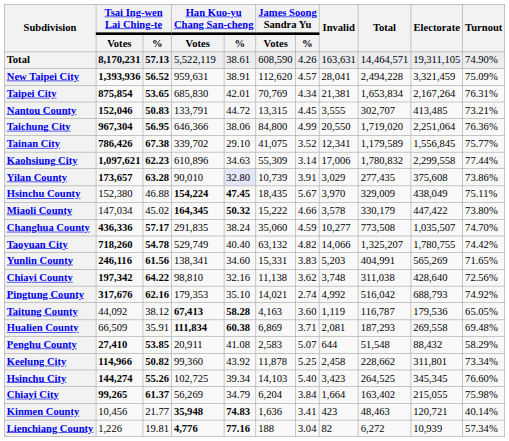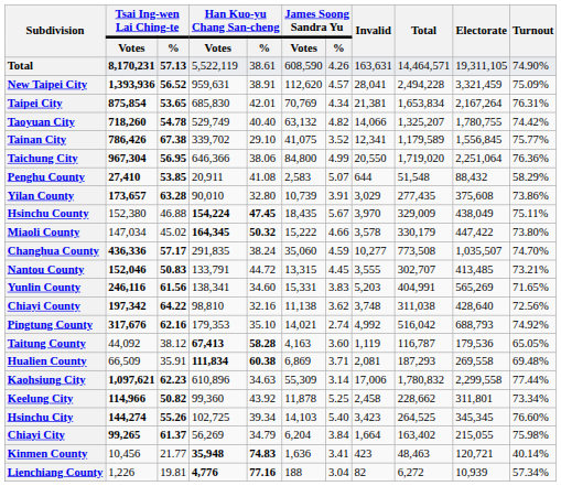 <table class="wikitable sortable">
 <tr>
 <th rowspan="2">Subdivision</th>
 <th colspan="2" style="border-bottom:4px solid "><a href='#'>Tsai Ing-wen</a><br><a href='#'>Lai Ching-te</a></th>
 <th colspan="2" style="border-bottom:4px solid "><a href='#'>Han Kuo-yu</a><br><a href='#'>Chang San-cheng</a></th>
 <th colspan="2" style="border-bottom:4px solid "><a href='#'>James Soong</a><br>Sandra Yu</th>
 <th rowspan="2">Invalid</th>
 <th rowspan="2">Total</th>
 <th rowspan="2">Electorate</th>
 <th rowspan="2">Turnout</th>
 </tr>
 <tr>
 <th>Votes</th>
 <th>%</th>
 <th>Votes</th>
 <th>%</th>
 <th>Votes</th>
 <th>%</th>
 </tr>
 <tr style="background-color:#eaecf0">
 <th style="text-align: left;">Total</th>
 <td><strong>8,170,231</strong></td>
 <td><strong>57.13</strong></td>
 <td>5,522,119</td>
 <td>38.61</td>
 <td>608,590</td>
 <td>4.26</td>
 <td>163,631</td>
 <td>14,464,571</td>
 <td>19,311,105</td>
 <td>74.90%</td>
 </tr>
 <tr>
 <th style="text-align: left;"><a href='#'>New Taipei City</a></th>
 <td><strong>1,393,936</strong></td>
 <td><strong>56.52</strong></td>
 <td>959,631</td>
 <td>38.91</td>
 <td>112,620</td>
 <td>4.57</td>
 <td>28,041</td>
 <td>2,494,228</td>
 <td>3,321,459</td>
 <td>75.09%</td>
 </tr>
 <tr>
 <th style="text-align: left;"><a href='#'>Taipei City</a></th>
 <td><strong>875,854</strong></td>
 <td><strong>53.65</strong></td>
 <td>685,830</td>
 <td>42.01</td>
 <td>70,769</td>
 <td>4.34</td>
 <td>21,381</td>
 <td>1,653,834</td>
 <td>2,167,264</td>
 <td>76.31%</td>
 </tr>
 <tr>
-<th style="text-align: left;"><a href='#'>Nantou County</a></th>
-<td><strong>152,046</strong></td>
-<td><strong>50.83</strong></td>
-<td>133,791</td>
-<td>44.72</td>
-<td>13,315</td>
-<td>4.45</td>
-<td>3,555</td>
-<td>302,707</td>
-<td>413,485</td>
-<td>73.21%</td>
+<th style="text-align: left;"><a href='#'>Taoyuan City</a></th>
+<td><strong>718,260</strong></td>
+<td><strong>54.78</strong></td>
+<td>529,749</td>
+<td>40.40</td>
+<td>63,132</td>
+<td>4.82</td>
+<td>14,066</td>
+<td>1,325,207</td>
+<td>1,780,755</td>
+<td>74.42%</td>
+</tr>
+<tr>
+<th style="text-align: left;"><a href='#'>Tainan City</a></th>
+<td><strong>786,426</strong></td>
+<td><strong>67.38</strong></td>
+<td>339,702</td>
+<td>29.10</td>
+<td>41,075</td>
+<td>3.52</td>
+<td>12,341</td>
+<td>1,179,589</td>
+<td>1,556,845</td>
+<td>75.77%</td>
 </tr>
 <tr>
 <th style="text-align: left;"><a href='#'>Taichung City</a></th>
 <td><strong>967,304</strong></td>
 <td><strong>56.95</strong></td>
 <td>646,366</td>
 <td>38.06</td>
 <td>84,800</td>
 <td>4.99</td>
 <td>20,550</td>
 <td>1,719,020</td>
 <td>2,251,064</td>
 <td>76.36%</td>
 </tr>
 <tr>
-<th style="text-align: left;"><a href='#'>Tainan City</a></th>
-<td><strong>786,426</strong></td>
-<td><strong>67.38</strong></td>
-<td>339,702</td>
-<td>29.10</td>
-<td>41,075</td>
-<td>3.52</td>
-<td>12,341</td>
-<td>1,179,589</td>
-<td>1,556,845</td>
-<td>75.77%</td>
-</tr>
-<tr>
-<th style="text-align: left;"><a href='#'>Kaohsiung City</a></th>
-<td><strong>1,097,621</strong></td>
-<td><strong>62.23</strong></td>
-<td>610,896</td>
-<td>34.63</td>
-<td>55,309</td>
-<td>3.14</td>
-<td>17,006</td>
-<td>1,780,832</td>
-<td>2,299,558</td>
-<td>77.44%</td>
+<th style="text-align: left;"><a href='#'>Penghu County</a></th>
+<td><strong>27,410</strong></td>
+<td><strong>53.85</strong></td>
+<td>20,911</td>
+<td>41.08</td>
+<td>2,583</td>
+<td>5.07</td>
+<td>644</td>
+<td>51,548</td>
+<td>88,432</td>
+<td>58.29%</td>
 </tr>
 <tr>
 <th style="text-align: left;"><a href='#'>Yilan County</a></th>
 <td><strong>173,657</strong></td>
 <td><strong>63.28</strong></td>
 <td>90,010</td>
-<td style="background: lavender;">32.80</td>
+<td>32.80</td>
 <td>10,739</td>
 <td>3.91</td>
 <td>3,029</td>
 <td>277,435</td>
 <td>375,608</td>
 <td>73.86%</td>
 </tr>
 <tr>
 <th style="text-align: left;"><a href='#'>Hsinchu County</a></th>
 <td>152,380</td>
 <td>46.88</td>
 <td><strong>154,224</strong></td>
 <td><strong>47.45</strong></td>
 <td>18,435</td>
 <td>5.67</td>
 <td>3,970</td>
 <td>329,009</td>
 <td>438,049</td>
 <td>75.11%</td>
 </tr>
 <tr>
 <th style="text-align: left;"><a href='#'>Miaoli County</a></th>
 <td>147,034</td>
 <td>45.02</td>
 <td><strong>164,345</strong></td>
 <td><strong>50.32</strong></td>
 <td>15,222</td>
 <td>4.66</td>
 <td>3,578</td>
 <td>330,179</td>
 <td>447,422</td>
 <td>73.80%</td>
 </tr>
 <tr>
 <th style="text-align: left;"><a href='#'>Changhua County</a></th>
 <td><strong>436,336</strong></td>
 <td><strong>57.17</strong></td>
 <td>291,835</td>
 <td>38.24</td>
 <td>35,060</td>
 <td>4.59</td>
 <td>10,277</td>
 <td>773,508</td>
 <td>1,035,507</td>
 <td>74.70%</td>
 </tr>
 <tr>
-<th style="text-align: left;"><a href='#'>Taoyuan City</a></th>
-<td><strong>718,260</strong></td>
-<td><strong>54.78</strong></td>
-<td>529,749</td>
-<td>40.40</td>
-<td>63,132</td>
-<td>4.82</td>
-<td>14,066</td>
-<td>1,325,207</td>
-<td>1,780,755</td>
-<td>74.42%</td>
+<th style="text-align: left;"><a href='#'>Nantou County</a></th>
+<td><strong>152,046</strong></td>
+<td><strong>50.83</strong></td>
+<td>133,791</td>
+<td>44.72</td>
+<td>13,315</td>
+<td>4.45</td>
+<td>3,555</td>
+<td>302,707</td>
+<td>413,485</td>
+<td>73.21%</td>
 </tr>
 <tr>
 <th style="text-align: left;"><a href='#'>Yunlin County</a></th>
 <td><strong>246,116</strong></td>
 <td><strong>61.56</strong></td>
 <td>138,341</td>
 <td>34.60</td>
 <td>15,331</td>
 <td>3.83</td>
 <td>5,203</td>
 <td>404,991</td>
 <td>565,269</td>
 <td>71.65%</td>
 </tr>
 <tr>
 <th style="text-align: left;"><a href='#'>Chiayi County</a></th>
 <td><strong>197,342</strong></td>
 <td><strong>64.22</strong></td>
 <td>98,810</td>
 <td>32.16</td>
 <td>11,138</td>
 <td>3.62</td>
 <td>3,748</td>
 <td>311,038</td>
 <td>428,640</td>
 <td>72.56%</td>
 </tr>
 <tr>
 <th style="text-align: left;"><a href='#'>Pingtung County</a></th>
 <td><strong>317,676</strong></td>
 <td><strong>62.16</strong></td>
 <td>179,353</td>
 <td>35.10</td>
 <td>14,021</td>
 <td>2.74</td>
 <td>4,992</td>
 <td>516,042</td>
 <td>688,793</td>
 <td>74.92%</td>
 </tr>
 <tr>
 <th style="text-align: left;"><a href='#'>Taitung County</a></th>
 <td>44,092</td>
 <td>38.12</td>
 <td><strong>67,413</strong></td>
 <td><strong>58.28</strong></td>
 <td>4,163</td>
 <td>3.60</td>
 <td>1,119</td>
 <td>116,787</td>
 <td>179,536</td>
 <td>65.05%</td>
 </tr>
 <tr>
 <th style="text-align: left;"><a href='#'>Hualien County</a></th>
 <td>66,509</td>
 <td>35.91</td>
 <td><strong>111,834</strong></td>
 <td><strong>60.38</strong></td>
 <td>6,869</td>
 <td>3.71</td>
 <td>2,081</td>
 <td>187,293</td>
 <td>269,558</td>
 <td>69.48%</td>
 </tr>
 <tr>
-<th style="text-align: left;"><a href='#'>Penghu County</a></th>
-<td><strong>27,410</strong></td>
-<td><strong>53.85</strong></td>
-<td>20,911</td>
-<td>41.08</td>
-<td>2,583</td>
-<td>5.07</td>
-<td>644</td>
-<td>51,548</td>
-<td>88,432</td>
-<td>58.29%</td>
+<th style="text-align: left;"><a href='#'>Kaohsiung City</a></th>
+<td><strong>1,097,621</strong></td>
+<td><strong>62.23</strong></td>
+<td>610,896</td>
+<td>34.63</td>
+<td>55,309</td>
+<td>3.14</td>
+<td>17,006</td>
+<td>1,780,832</td>
+<td>2,299,558</td>
+<td>77.44%</td>
 </tr>
 <tr>
 <th style="text-align: left;"><a href='#'>Keelung City</a></th>
 <td><strong>114,966</strong></td>
 <td><strong>50.82</strong></td>
 <td>99,360</td>
 <td>43.92</td>
 <td>11,878</td>
 <td>5.25</td>
 <td>2,458</td>
 <td>228,662</td>
 <td>311,801</td>
 <td>73.34%</td>
 </tr>
 <tr>
 <th style="text-align: left;"><a href='#'>Hsinchu City</a></th>
 <td><strong>144,274</strong></td>
 <td><strong>55.26</strong></td>
 <td>102,725</td>
 <td>39.34</td>
 <td>14,103</td>
 <td>5.40</td>
 <td>3,423</td>
 <td>264,525</td>
 <td>345,345</td>
 <td>76.60%</td>
 </tr>
 <tr>
 <th style="text-align: left;"><a href='#'>Chiayi City</a></th>
 <td><strong>99,265</strong></td>
 <td><strong>61.37</strong></td>
 <td>56,269</td>
 <td>34.79</td>
 <td>6,204</td>
 <td>3.84</td>
 <td>1,664</td>
 <td>163,402</td>
 <td>215,055</td>
 <td>75.98%</td>
 </tr>
 <tr>
 <th style="text-align: left;"><a href='#'>Kinmen County</a></th>
 <td>10,456</td>
 <td>21.77</td>
 <td><strong>35,948</strong></td>
 <td><strong>74.83</strong></td>
 <td>1,636</td>
 <td>3.41</td>
 <td>423</td>
 <td>48,463</td>
 <td>120,721</td>
 <td>40.14%</td>
 </tr>
 <tr>
 <th style="text-align: left;"><a href='#'>Lienchiang County</a></th>
 <td>1,226</td>
 <td>19.81</td>
 <td><strong>4,776</strong></td>
 <td><strong>77.16</strong></td>
 <td>188</td>
 <td>3.04</td>
 <td>82</td>
 <td>6,272</td>
 <td>10,939</td>
 <td>57.34%</td>
 </tr>
 </table>
